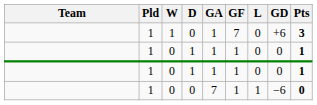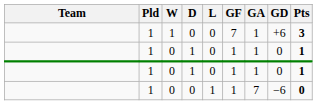 <table class="wikitable" style="text-align: center;">
 <tr>
 <th width=175>Team</th>
 <th width=20>Pld</th>
 <th width=20>W</th>
 <th width=20>D</th>
+<th width=20>L</th>
+<th width=20>GF</th>
 <th width=20>GA</th>
-<th width=20>GF</th>
-<th width=20>L</th>
 <th width=20>GD</th>
 <th width=20>Pts</th>
 </tr>
 <tr>
 <td style="text-align:left;"></td>
 <td>1</td>
 <td>1</td>
 <td>0</td>
+<td>0</td>
+<td>7</td>
 <td>1</td>
-<td>7</td>
-<td>0</td>
 <td>+6</td>
 <td><strong>3</strong></td>
 </tr>
 <tr style="border-bottom:3px solid green;">
 <td style="text-align:left;"></td>
 <td>1</td>
 <td>0</td>
 <td>1</td>
+<td>0</td>
 <td>1</td>
 <td>1</td>
-<td>0</td>
 <td>0</td>
 <td><strong>1</strong></td>
 </tr>
 <tr>
 <td style="text-align:left;"><strong></strong></td>
 <td>1</td>
 <td>0</td>
 <td>1</td>
+<td>0</td>
 <td>1</td>
 <td>1</td>
-<td>0</td>
 <td>0</td>
 <td><strong>1</strong></td>
 </tr>
 <tr>
 <td style="text-align:left;"></td>
 <td>1</td>
 <td>0</td>
 <td>0</td>
-<td>7</td>
 <td>1</td>
 <td>1</td>
+<td>7</td>
 <td>−6</td>
 <td><strong>0</strong></td>
 </tr>
 </table>
